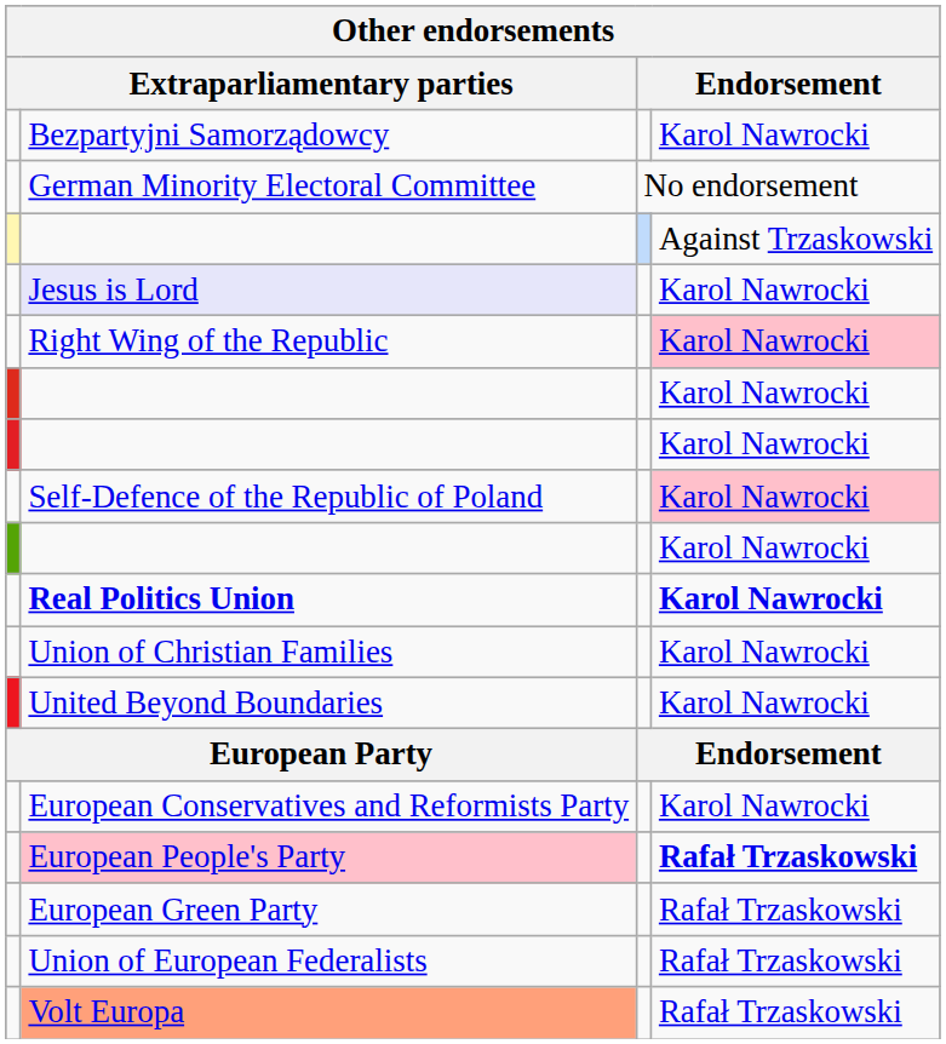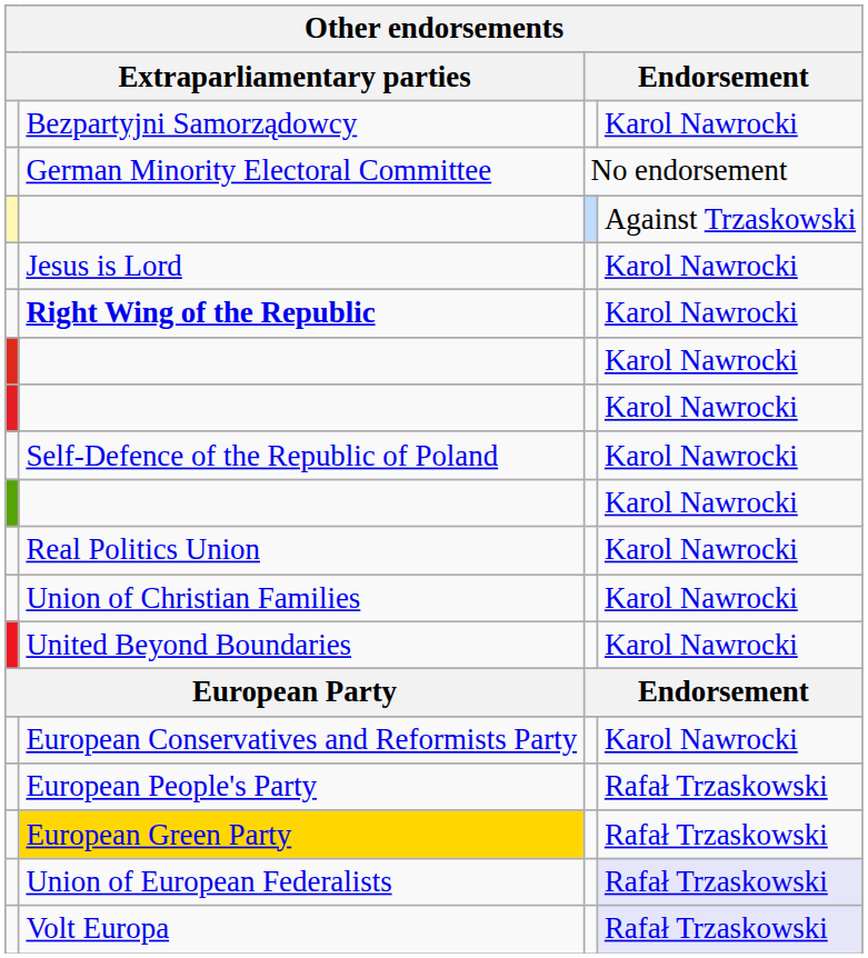 <table class="wikitable collapsible collapsed" >
 <tr>
 <th colspan="5">Other endorsements</th>
 </tr>
 <tr>
 <th colspan="2">Extraparliamentary parties</th>
 <th colspan="2">Endorsement</th>
 </tr>
 <tr>
 <td style="background-color: "></td>
 <td><a href='#'>Bezpartyjni Samorządowcy</a></td>
 <td style="background-color: "></td>
 <td><a href='#'>Karol Nawrocki</a></td>
 </tr>
 <tr>
 <td style="background-color: "></td>
 <td><a href='#'>German Minority Electoral Committee</a></td>
 <td colspan="2">No endorsement</td>
 </tr>
 <tr>
 <td style="background:#FFF7B2;"></td>
 <td></td>
 <td style="background-color: #C0DBFC;"></td>
 <td>Against <a href='#'>Trzaskowski</a> </td>
 </tr>
 <tr>
 <td style="background-color: "></td>
-<td style="background: lavender;"><a href='#'>Jesus is Lord</a></td>
+<td><a href='#'>Jesus is Lord</a></td>
 <td style="background-color: "></td>
 <td><a href='#'>Karol Nawrocki</a></td>
 </tr>
 <tr>
 <td style="background-color: "></td>
-<td><a href='#'>Right Wing of the Republic</a></td>
+<td><strong><a href='#'>Right Wing of the Republic</a></strong></td>
 <td style="background-color: "></td>
-<td style="background: pink;"><a href='#'>Karol Nawrocki</a></td>
+<td><a href='#'>Karol Nawrocki</a></td>
 </tr>
 <tr>
 <td style="background:#DE2A1C;"></td>
 <td></td>
 <td style="background-color: "></td>
 <td><a href='#'>Karol Nawrocki</a></td>
 </tr>
 <tr>
 <td style="background:#E31E24;"></td>
 <td></td>
 <td style="background-color: "></td>
 <td><a href='#'>Karol Nawrocki</a></td>
 </tr>
 <tr>
 <td style="background-color: "></td>
 <td><a href='#'>Self-Defence of the Republic of Poland</a></td>
 <td style="background-color: "></td>
-<td style="background: pink;"><a href='#'>Karol Nawrocki</a></td>
+<td><a href='#'>Karol Nawrocki</a></td>
 </tr>
 <tr>
 <td style="background:#54A405;"></td>
 <td></td>
 <td style="background-color: "></td>
 <td><a href='#'>Karol Nawrocki</a></td>
 </tr>
 <tr>
 <td style="background-color: "></td>
-<td><strong><a href='#'>Real Politics Union</a></strong></td>
+<td><a href='#'>Real Politics Union</a></td>
 <td style="background-color: "></td>
-<td><strong><a href='#'>Karol Nawrocki</a></strong></td>
+<td><a href='#'>Karol Nawrocki</a></td>
 </tr>
 <tr>
 <td style="background-color: "></td>
 <td><a href='#'>Union of Christian Families</a></td>
 <td style="background-color: "></td>
 <td><a href='#'>Karol Nawrocki</a></td>
 </tr>
 <tr>
 <td style="background-color: #ee151f;"></td>
 <td><a href='#'>United Beyond Boundaries</a></td>
 <td style="background-color: "></td>
 <td><a href='#'>Karol Nawrocki</a></td>
 </tr>
 <tr>
 <th colspan="2">European Party</th>
 <th colspan="2">Endorsement</th>
 </tr>
 <tr>
 <td style="background-color: "></td>
 <td><a href='#'>European Conservatives and Reformists Party</a></td>
 <td style="background-color: "></td>
 <td><a href='#'>Karol Nawrocki</a></td>
 </tr>
 <tr>
 <td style="background-color: "></td>
-<td style="background: pink;"><a href='#'>European People's Party</a></td>
+<td><a href='#'>European People's Party</a></td>
 <td style="background-color: "></td>
-<td><strong><a href='#'>Rafał Trzaskowski</a></strong></td>
+<td><a href='#'>Rafał Trzaskowski</a></td>
 </tr>
 <tr>
 <td style="background-color: "></td>
-<td><a href='#'>European Green Party</a></td>
+<td style="background: gold;"><a href='#'>European Green Party</a></td>
 <td style="background-color: "></td>
 <td><a href='#'>Rafał Trzaskowski</a></td>
 </tr>
 <tr>
 <td style="background-color: "></td>
 <td><a href='#'>Union of European Federalists</a></td>
 <td style="background-color: "></td>
-<td><a href='#'>Rafał Trzaskowski</a></td>
+<td style="background: lavender;"><a href='#'>Rafał Trzaskowski</a></td>
 </tr>
 <tr>
 <td style="background-color: "></td>
-<td style="background: lightsalmon;"><a href='#'>Volt Europa</a></td>
+<td><a href='#'>Volt Europa</a></td>
 <td style="background-color: "></td>
-<td><a href='#'>Rafał Trzaskowski</a></td>
+<td style="background: lavender;"><a href='#'>Rafał Trzaskowski</a></td>
 </tr>
 </table>
